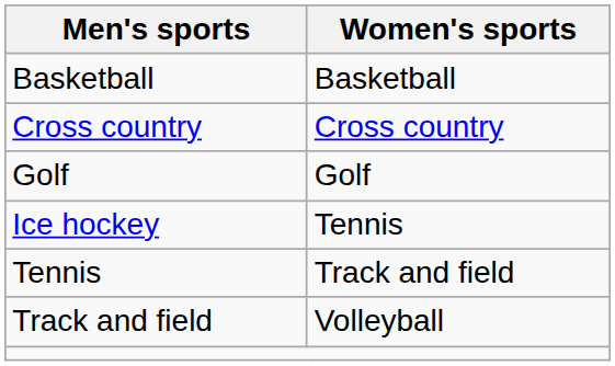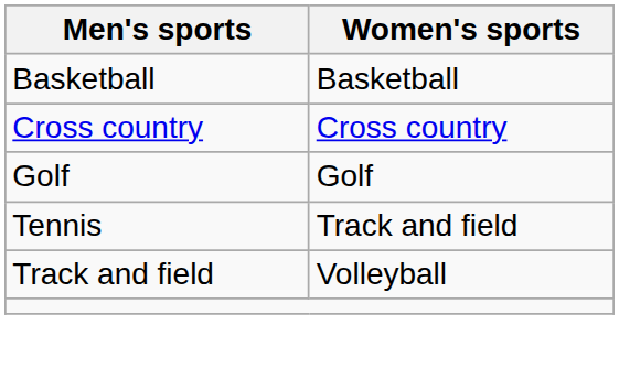 <table class="wikitable" style=" ">
 <tr>
 <th width=150px>Men's sports</th>
 <th width=150px>Women's sports</th>
 </tr>
 <tr>
 <td>Basketball</td>
 <td>Basketball</td>
 </tr>
 <tr>
 <td><a href='#'>Cross country</a></td>
 <td><a href='#'>Cross country</a></td>
 </tr>
 <tr>
 <td>Golf</td>
 <td>Golf</td>
 </tr>
 <tr>
-<td><a href='#'>Ice hockey</a></td>
-<td>Tennis</td>
-</tr>
-<tr>
 <td>Tennis</td>
 <td>Track and field</td>
 </tr>
 <tr>
 <td>Track and field</td>
 <td>Volleyball</td>
 </tr>
 <tr>
 <td colspan="2"></td>
 </tr>
 </table>
